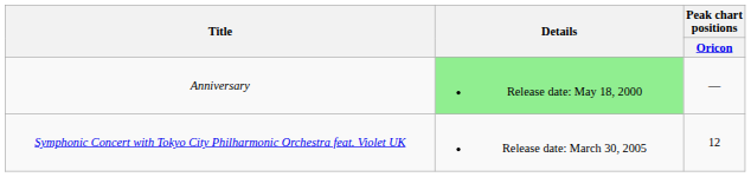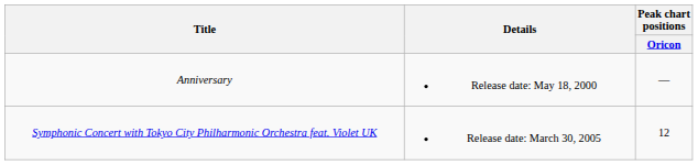 <table class="wikitable plainrowheaders" style="text-align:center;">
 <tr>
 <th rowspan="2" style="width:35em;">Title</th>
 <th rowspan="2" style="width:20em;">Details</th>
 <th>Peak chart<br> positions</th>
 </tr>
 <tr>
 <th><a href='#'>Oricon</a></th>
 </tr>
 <tr>
 <td><em>Anniversary</em></td>
-<td style="background: lightgreen;"><br><ul><li>Release date: May 18, 2000</li></ul></td>
+<td><br><ul><li>Release date: May 18, 2000</li></ul></td>
 <td>—</td>
 </tr>
 <tr>
 <td><em><a href='#'>Symphonic Concert with Tokyo City Philharmonic Orchestra feat. Violet UK</a></em></td>
 <td><br><ul><li>Release date: March 30, 2005</li></ul></td>
 <td>12</td>
 </tr>
 </table>
